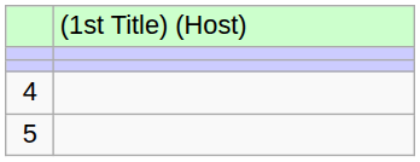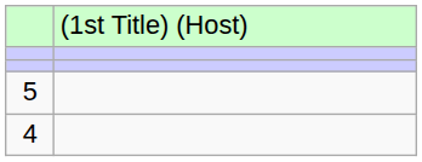 <table class="wikitable" width="250px">
 <tr bgcolor=#ccffcc>
 <td align=center></td>
 <td> (1st Title) (Host)</td>
 </tr>
 <tr bgcolor=#ccccff>
 <td align=center></td>
 <td></td>
 </tr>
 <tr bgcolor=#ccccff>
 <td align=center></td>
 <td></td>
 </tr>
 <tr>
+<td align=center>5</td>
+<td></td>
+</tr>
+<tr>
 <td align=center>4</td>
 <td></td>
 </tr>
-<tr>
-<td align=center>5</td>
-<td></td>
-</tr>
 </table>
